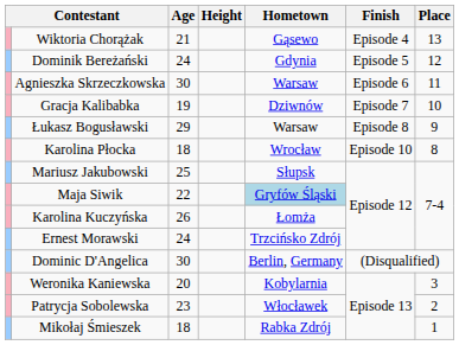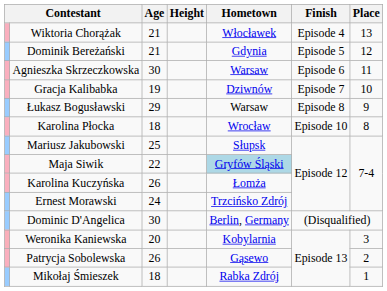 <table class="wikitable sortable" style="text-align:center;">
 <tr>
 <th colspan="2">Contestant</th>
 <th>Age</th>
 <th>Height</th>
 <th>Hometown</th>
 <th>Finish</th>
 <th>Place</th>
 </tr>
 <tr>
 <td style="background:#faafbe"></td>
 <td>Wiktoria Chorążak</td>
 <td>21</td>
 <td nowrap></td>
-<td><a href='#'>Gąsewo</a></td>
+<td><a href='#'>Włocławek</a></td>
 <td>Episode 4</td>
 <td>13</td>
 </tr>
 <tr>
 <td style="background:#9cf;"></td>
 <td nowrap>Dominik Bereżański</td>
-<td>24</td>
+<td>21</td>
 <td nowrap></td>
 <td><a href='#'>Gdynia</a></td>
 <td>Episode 5</td>
 <td>12</td>
 </tr>
 <tr>
 <td style="background:#faafbe"></td>
 <td nowrap>Agnieszka Skrzeczkowska</td>
 <td>30</td>
 <td></td>
 <td><a href='#'>Warsaw</a></td>
 <td>Episode 6</td>
 <td>11</td>
 </tr>
 <tr>
 <td style="background:#faafbe"></td>
 <td>Gracja Kalibabka</td>
 <td>19</td>
 <td nowrap></td>
 <td><a href='#'>Dziwnów</a></td>
 <td>Episode 7</td>
 <td>10</td>
 </tr>
 <tr>
 <td style="background:#9cf;"></td>
 <td>Łukasz Bogusławski</td>
 <td>29</td>
 <td></td>
 <td>Warsaw</td>
 <td>Episode 8</td>
 <td>9</td>
 </tr>
 <tr>
 <td style="background:#faafbe"></td>
 <td>Karolina Płocka</td>
 <td>18</td>
 <td></td>
 <td><a href='#'>Wrocław</a></td>
 <td nowrap>Episode 10</td>
 <td>8</td>
 </tr>
 <tr>
 <td style="background:#9cf;"></td>
 <td>Mariusz Jakubowski</td>
 <td>25</td>
 <td></td>
 <td><a href='#'>Słupsk</a></td>
 <td rowspan="4">Episode 12</td>
 <td rowspan="4">7-4</td>
 </tr>
 <tr>
 <td style="background:#faafbe"></td>
 <td>Maja Siwik</td>
 <td>22</td>
 <td nowrap></td>
 <td nowrap style="background: lightblue;"><a href='#'>Gryfów Śląski</a></td>
 </tr>
 <tr>
 <td style="background:#faafbe"></td>
 <td>Karolina Kuczyńska</td>
 <td>26</td>
 <td></td>
 <td><a href='#'>Łomża</a></td>
 </tr>
 <tr>
 <td style="background:#9cf;"></td>
 <td>Ernest Morawski</td>
 <td>24</td>
 <td></td>
 <td><a href='#'>Trzcińsko Zdrój</a></td>
 </tr>
 <tr>
 <td style="background:#9cf;"></td>
 <td>Dominic D'Angelica</td>
 <td>30</td>
 <td></td>
 <td nowrap><a href='#'>Berlin</a>, <a href='#'>Germany</a></td>
 <td colspan="2">(Disqualified)</td>
 </tr>
 <tr>
 <td style="background:#faafba"></td>
 <td>Weronika Kaniewska</td>
 <td>20</td>
 <td></td>
 <td><a href='#'>Kobylarnia</a></td>
 <td rowspan="3">Episode 13</td>
 <td>3</td>
 </tr>
 <tr>
 <td style="background:#faafbe"></td>
 <td>Patrycja Sobolewska</td>
-<td>23</td>
+<td>26</td>
 <td></td>
-<td><a href='#'>Włocławek</a></td>
+<td><a href='#'>Gąsewo</a></td>
 <td>2</td>
 </tr>
 <tr>
 <td style="background:#9cf;"></td>
 <td>Mikołaj Śmieszek</td>
 <td>18</td>
 <td></td>
 <td><a href='#'>Rabka Zdrój</a></td>
 <td>1</td>
 </tr>
 </table>
